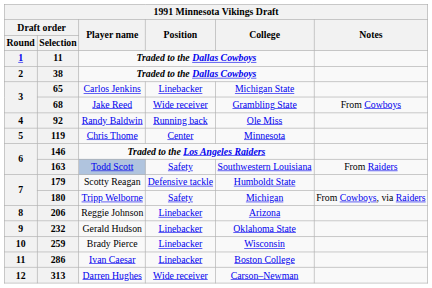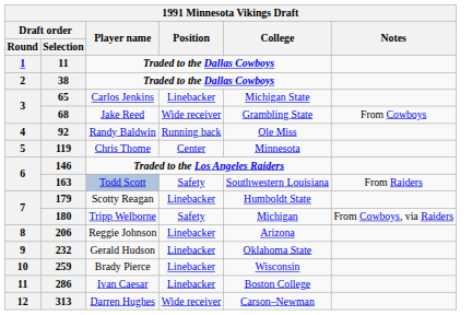 <table class="wikitable" style="text-align:center">
 <tr>
 <th colspan="6">1991 Minnesota Vikings Draft</th>
 </tr>
 <tr>
 <th colspan="2">Draft order</th>
 <th rowspan="2">Player name</th>
 <th rowspan="2">Position</th>
 <th rowspan="2">College</th>
 <th rowspan="2">Notes</th>
 </tr>
 <tr>
 <th>Round</th>
 <th>Selection</th>
 </tr>
 <tr>
 <th><a href='#'>1</a></th>
 <th>11</th>
 <td colspan="3"><strong><em>Traded to the <a href='#'>Dallas Cowboys</a></em></strong></td>
 <td></td>
 </tr>
 <tr>
 <th>2</th>
 <th>38</th>
 <td colspan="3"><strong><em>Traded to the <a href='#'>Dallas Cowboys</a></em></strong></td>
 <td></td>
 </tr>
 <tr>
 <th rowspan="2">3</th>
 <th>65</th>
 <td><a href='#'>Carlos Jenkins</a></td>
 <td><a href='#'>Linebacker</a></td>
 <td><a href='#'>Michigan State</a></td>
 <td></td>
 </tr>
 <tr>
 <th>68</th>
 <td><a href='#'>Jake Reed</a></td>
 <td><a href='#'>Wide receiver</a></td>
 <td><a href='#'>Grambling State</a></td>
 <td>From <a href='#'>Cowboys</a></td>
 </tr>
 <tr>
 <th>4</th>
 <th>92</th>
 <td><a href='#'>Randy Baldwin</a></td>
 <td><a href='#'>Running back</a></td>
 <td><a href='#'>Ole Miss</a></td>
 <td></td>
 </tr>
 <tr>
 <th>5</th>
 <th>119</th>
 <td><a href='#'>Chris Thome</a></td>
 <td><a href='#'>Center</a></td>
 <td><a href='#'>Minnesota</a></td>
 <td></td>
 </tr>
 <tr>
 <th rowspan="2">6</th>
 <th>146</th>
 <td colspan="3"><strong><em>Traded to the <a href='#'>Los Angeles Raiders</a></em></strong></td>
 <td></td>
 </tr>
 <tr>
 <th>163</th>
 <td bgcolor=lightsteelblue><a href='#'>Todd Scott</a></td>
 <td><a href='#'>Safety</a></td>
 <td><a href='#'>Southwestern Louisiana</a></td>
 <td>From <a href='#'>Raiders</a></td>
 </tr>
 <tr>
 <th rowspan="2">7</th>
 <th>179</th>
 <td>Scotty Reagan</td>
-<td><a href='#'>Defensive tackle</a></td>
+<td><a href='#'>Linebacker</a></td>
 <td><a href='#'>Humboldt State</a></td>
 <td></td>
 </tr>
 <tr>
 <th>180</th>
 <td><a href='#'>Tripp Welborne</a></td>
 <td><a href='#'>Safety</a></td>
 <td><a href='#'>Michigan</a></td>
 <td>From <a href='#'>Cowboys</a>, via <a href='#'>Raiders</a></td>
 </tr>
 <tr>
 <th>8</th>
 <th>206</th>
 <td>Reggie Johnson</td>
 <td><a href='#'>Linebacker</a></td>
 <td><a href='#'>Arizona</a></td>
 <td></td>
 </tr>
 <tr>
 <th>9</th>
 <th>232</th>
 <td>Gerald Hudson</td>
 <td><a href='#'>Linebacker</a></td>
 <td><a href='#'>Oklahoma State</a></td>
 <td></td>
 </tr>
 <tr>
 <th>10</th>
 <th>259</th>
 <td>Brady Pierce</td>
 <td><a href='#'>Linebacker</a></td>
 <td><a href='#'>Wisconsin</a></td>
 <td></td>
 </tr>
 <tr>
 <th>11</th>
 <th>286</th>
 <td><a href='#'>Ivan Caesar</a></td>
 <td><a href='#'>Linebacker</a></td>
 <td><a href='#'>Boston College</a></td>
 <td></td>
 </tr>
 <tr>
 <th>12</th>
 <th>313</th>
 <td><a href='#'>Darren Hughes</a></td>
 <td><a href='#'>Wide receiver</a></td>
 <td><a href='#'>Carson–Newman</a></td>
 <td></td>
 </tr>
 </table>
